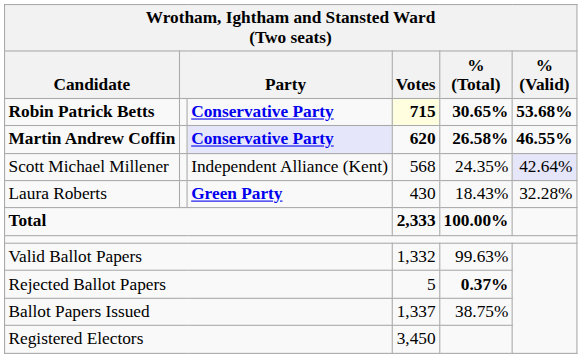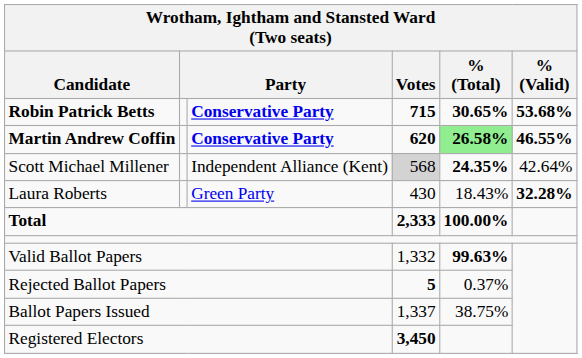 <table class="wikitable" border="1" style="text-align:right; font-size:100%">
 <tr>
 <th align=center colspan=6>Wrotham, Ightham and Stansted Ward<br>(Two seats)</th>
 </tr>
 <tr>
 <th valign=bottom>Candidate</th>
 <th valign=bottom colspan=2>Party</th>
 <th valign=bottom>Votes</th>
 <th>%<br>(Total)</th>
 <th>%<br>(Valid)</th>
 </tr>
 <tr>
 <td align=left><strong>Robin Patrick Betts</strong></td>
 <td style="background:"></td>
 <td align=left><strong><a href='#'>Conservative Party</a></strong></td>
-<td style="background: lightyellow;"><strong>715</strong></td>
+<td><strong>715</strong></td>
 <td><strong>30.65%</strong></td>
 <td><strong>53.68%</strong></td>
 </tr>
 <tr>
 <td align=left><strong>Martin Andrew Coffin</strong></td>
 <td style="background:"></td>
-<td align=left style="background: lavender;"><strong><a href='#'>Conservative Party</a></strong></td>
+<td align=left><strong><a href='#'>Conservative Party</a></strong></td>
 <td><strong>620</strong></td>
-<td><strong>26.58%</strong></td>
+<td style="background: lightgreen;"><strong>26.58%</strong></td>
 <td><strong>46.55%</strong></td>
 </tr>
 <tr>
 <td align=left>Scott Michael Millener</td>
 <td></td>
 <td align=left>Independent Alliance (Kent)</td>
-<td>568</td>
-<td>24.35%</td>
-<td style="background: lavender;">42.64%</td>
+<td style="background: lightgrey;">568</td>
+<td><strong>24.35%</strong></td>
+<td>42.64%</td>
 </tr>
 <tr>
 <td align=left>Laura Roberts</td>
 <td style="background:"></td>
-<td align=left><strong><a href='#'>Green Party</a></strong></td>
+<td align=left><a href='#'>Green Party</a></td>
 <td>430</td>
 <td>18.43%</td>
-<td>32.28%</td>
+<td><strong>32.28%</strong></td>
 </tr>
 <tr style="font-weight:bold">
 <td align=left colspan=3>Total</td>
 <td>2,333</td>
 <td>100.00%</td>
 <td></td>
 </tr>
 <tr>
 <td align=left colspan=6></td>
 </tr>
 <tr>
 <td align=left colspan=3>Valid Ballot Papers</td>
 <td>1,332</td>
-<td>99.63%</td>
+<td><strong>99.63%</strong></td>
 <td rowspan=4></td>
 </tr>
 <tr>
 <td align=left colspan=3>Rejected Ballot Papers</td>
-<td>5</td>
-<td><strong>0.37%</strong></td>
+<td><strong>5</strong></td>
+<td>0.37%</td>
 </tr>
 <tr>
 <td align=left colspan=3>Ballot Papers Issued</td>
 <td>1,337</td>
 <td>38.75%</td>
 </tr>
 <tr>
 <td align=left colspan=3>Registered Electors</td>
-<td>3,450</td>
+<td><strong>3,450</strong></td>
 <td></td>
 </tr>
 </table>
